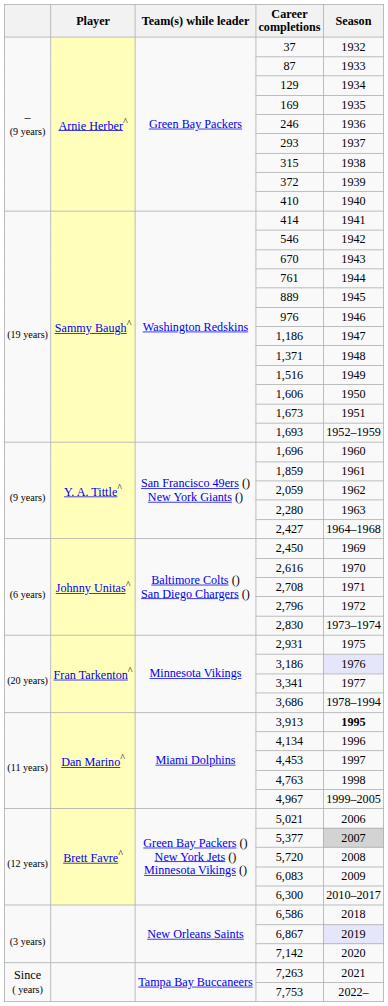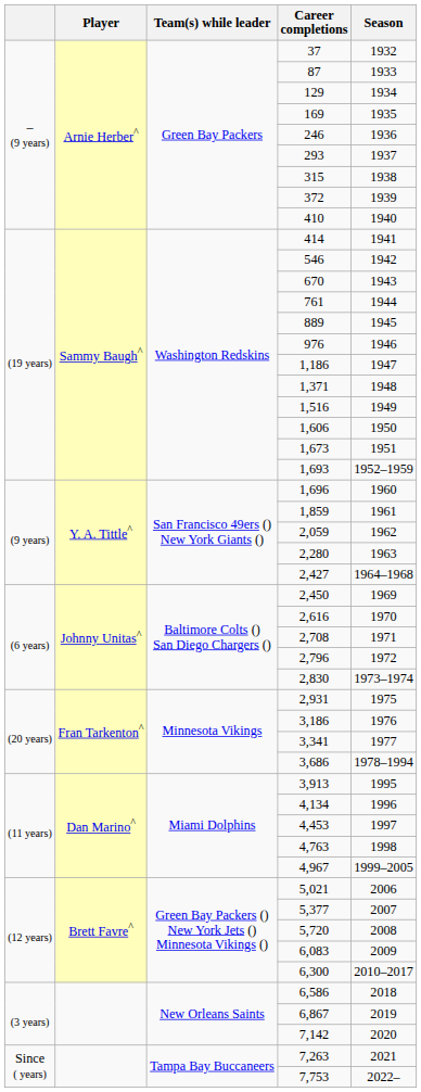 <table class="wikitable" style="text-align:center;">
 <tr>
 <th></th>
 <th>Player</th>
 <th>Team(s) while leader</th>
 <th style="width: 80px;">Career completions</th>
 <th>Season</th>
 </tr>
 <tr>
 <td rowspan=9>–<br><small>(9 years)</small></td>
 <td style="background:#ffb;" rowspan=9><a href='#'>Arnie Herber</a><sup>^</sup> <br> </td>
 <td rowspan=9><a href='#'>Green Bay Packers</a></td>
 <td>37</td>
 <td>1932</td>
 </tr>
 <tr>
 <td>87</td>
 <td>1933</td>
 </tr>
 <tr>
 <td>129</td>
 <td>1934</td>
 </tr>
 <tr>
 <td>169</td>
 <td>1935</td>
 </tr>
 <tr>
 <td>246</td>
 <td>1936</td>
 </tr>
 <tr>
 <td>293</td>
 <td>1937</td>
 </tr>
 <tr>
 <td>315</td>
 <td>1938</td>
 </tr>
 <tr>
 <td>372</td>
 <td>1939</td>
 </tr>
 <tr>
 <td>410</td>
 <td>1940</td>
 </tr>
 <tr>
 <td rowspan=12><br><small>(19 years)</small></td>
 <td style="background:#ffb;" rowspan=12><a href='#'>Sammy Baugh</a><sup>^</sup> <br> </td>
 <td rowspan=12><a href='#'>Washington Redskins</a></td>
 <td>414</td>
 <td>1941</td>
 </tr>
 <tr>
 <td>546</td>
 <td>1942</td>
 </tr>
 <tr>
 <td>670</td>
 <td>1943</td>
 </tr>
 <tr>
 <td>761</td>
 <td>1944</td>
 </tr>
 <tr>
 <td>889</td>
 <td>1945</td>
 </tr>
 <tr>
 <td>976</td>
 <td>1946</td>
 </tr>
 <tr>
 <td>1,186</td>
 <td>1947</td>
 </tr>
 <tr>
 <td>1,371</td>
 <td>1948</td>
 </tr>
 <tr>
 <td>1,516</td>
 <td>1949</td>
 </tr>
 <tr>
 <td>1,606</td>
 <td>1950</td>
 </tr>
 <tr>
 <td>1,673</td>
 <td>1951</td>
 </tr>
 <tr>
 <td>1,693</td>
 <td>1952–1959</td>
 </tr>
 <tr>
 <td rowspan=5><br><small>(9 years)</small></td>
 <td style="background:#ffb;" rowspan=5><a href='#'>Y. A. Tittle</a><sup>^</sup> <br> </td>
 <td rowspan=5><a href='#'>San Francisco 49ers</a> ()  <br> <a href='#'>New York Giants</a> ()</td>
 <td>1,696</td>
 <td>1960</td>
 </tr>
 <tr>
 <td>1,859</td>
 <td>1961</td>
 </tr>
 <tr>
 <td>2,059</td>
 <td>1962</td>
 </tr>
 <tr>
 <td>2,280</td>
 <td>1963</td>
 </tr>
 <tr>
 <td>2,427</td>
 <td>1964–1968</td>
 </tr>
 <tr>
 <td rowspan=5><br><small>(6 years)</small></td>
 <td style="background:#ffb;" rowspan=5><a href='#'>Johnny Unitas</a><sup>^</sup> <br> </td>
 <td rowspan=5><a href='#'>Baltimore Colts</a> ()<br><a href='#'>San Diego Chargers</a> ()</td>
 <td>2,450</td>
 <td>1969</td>
 </tr>
 <tr>
 <td>2,616</td>
 <td>1970</td>
 </tr>
 <tr>
 <td>2,708</td>
 <td>1971</td>
 </tr>
 <tr>
 <td>2,796</td>
 <td>1972</td>
 </tr>
 <tr>
 <td>2,830</td>
 <td>1973–1974</td>
 </tr>
 <tr>
 <td rowspan=4><br><small>(20 years)</small></td>
 <td style="background:#ffb;" rowspan=4><a href='#'>Fran Tarkenton</a><sup>^</sup> <br> </td>
 <td rowspan=4><a href='#'>Minnesota Vikings</a></td>
 <td>2,931</td>
 <td>1975</td>
 </tr>
 <tr>
 <td>3,186</td>
-<td style="background: lavender;">1976</td>
+<td>1976</td>
 </tr>
 <tr>
 <td>3,341</td>
 <td>1977</td>
 </tr>
 <tr>
 <td>3,686</td>
 <td>1978–1994</td>
 </tr>
 <tr>
 <td rowspan=5><br><small>(11 years)</small></td>
 <td style="background:#ffb;" rowspan=5><a href='#'>Dan Marino</a><sup>^</sup> <br> </td>
 <td rowspan=5><a href='#'>Miami Dolphins</a></td>
 <td>3,913</td>
-<td><strong>1995</strong></td>
+<td>1995</td>
 </tr>
 <tr>
 <td>4,134</td>
 <td>1996</td>
 </tr>
 <tr>
 <td>4,453</td>
 <td>1997</td>
 </tr>
 <tr>
 <td>4,763</td>
 <td>1998</td>
 </tr>
 <tr>
 <td>4,967</td>
 <td>1999–2005</td>
 </tr>
 <tr>
 <td rowspan=5><br><small>(12 years)</small></td>
 <td style="background:#ffb;" rowspan=5><a href='#'>Brett Favre</a><sup>^</sup> <br> </td>
 <td rowspan=5><a href='#'>Green Bay Packers</a> ()<br><a href='#'>New York Jets</a> ()<br><a href='#'>Minnesota Vikings</a> ()</td>
 <td>5,021</td>
 <td>2006</td>
 </tr>
 <tr>
 <td>5,377</td>
-<td style="background: lightgrey;">2007</td>
+<td>2007</td>
 </tr>
 <tr>
 <td>5,720</td>
 <td>2008</td>
 </tr>
 <tr>
 <td>6,083</td>
 <td>2009</td>
 </tr>
 <tr>
 <td>6,300</td>
 <td>2010–2017</td>
 </tr>
 <tr>
 <td rowspan=3><br><small>(3 years)</small></td>
 <td rowspan=3> <br></td>
 <td rowspan=3><a href='#'>New Orleans Saints</a></td>
 <td>6,586</td>
 <td>2018</td>
 </tr>
 <tr>
 <td>6,867</td>
-<td style="background: lavender;">2019</td>
+<td>2019</td>
 </tr>
 <tr>
 <td>7,142</td>
 <td>2020</td>
 </tr>
 <tr>
 <td rowspan=2>Since  <br><small>( years)</small></td>
 <td rowspan=2;><br></td>
 <td rowspan=2><a href='#'>Tampa Bay Buccaneers</a></td>
 <td>7,263</td>
 <td>2021</td>
 </tr>
 <tr>
 <td>7,753</td>
 <td>2022–</td>
 </tr>
 </table>
